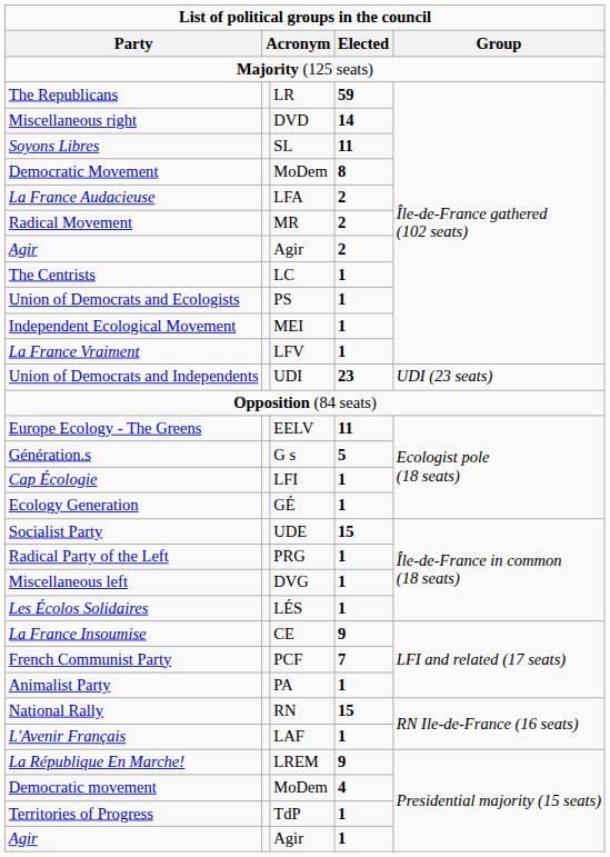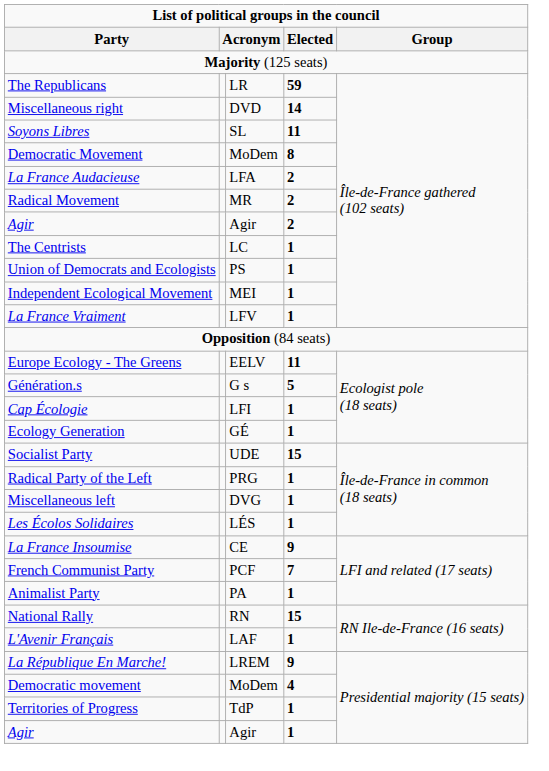 <table class="wikitable">
 <tr>
 <td colspan="5" align="center"><strong>List of political groups in the council</strong></td>
 </tr>
 <tr>
 <th>Party</th>
 <th colspan="2">Acronym</th>
 <th>Elected</th>
 <th>Group</th>
 </tr>
 <tr>
 <td colspan="5" align="center"><strong>Majority</strong> (125 seats)</td>
 </tr>
 <tr>
 <td><a href='#'>The Republicans</a></td>
 <td style="background-color: "></td>
 <td>LR</td>
 <td><strong>59</strong></td>
 <td rowspan="11"><em>Île-de-France gathered</em><br><em>(102 seats)</em></td>
 </tr>
 <tr>
 <td><a href='#'>Miscellaneous right</a></td>
 <td style="background-color: "></td>
 <td>DVD</td>
 <td><strong>14</strong></td>
 </tr>
 <tr>
 <td><em><a href='#'><span>Soyons Libres</span></a></em></td>
 <td style="background-color: "></td>
 <td>SL</td>
 <td><strong>11</strong></td>
 </tr>
 <tr>
 <td><a href='#'>Democratic Movement</a></td>
 <td style="background-color: "></td>
 <td>MoDem</td>
 <td><strong>8</strong></td>
 </tr>
 <tr>
 <td><em><a href='#'><span>La France Audacieuse</span></a></em></td>
 <td style="background-color: "></td>
 <td>LFA</td>
 <td><strong>2</strong></td>
 </tr>
 <tr>
 <td><a href='#'>Radical Movement</a></td>
 <td style="background-color: "></td>
 <td>MR</td>
 <td><strong>2</strong></td>
 </tr>
 <tr>
 <td><a href='#'><em><span>Agir</span></em></a></td>
 <td style="background-color: "></td>
 <td>Agir</td>
 <td><strong>2</strong></td>
 </tr>
 <tr>
 <td><a href='#'>The Centrists</a></td>
 <td style="background-color: "></td>
 <td>LC</td>
 <td><strong>1</strong></td>
 </tr>
 <tr>
 <td><a href='#'>Union of Democrats and Ecologists</a></td>
 <td style="background-color: "></td>
 <td>PS</td>
 <td><strong>1</strong></td>
 </tr>
 <tr>
 <td><a href='#'>Independent Ecological Movement</a></td>
 <td style="background-color: "></td>
 <td>MEI</td>
 <td><strong>1</strong></td>
 </tr>
 <tr>
 <td><em><a href='#'><span>La France Vraiment</span></a></em></td>
 <td style="background-color: "></td>
 <td>LFV</td>
 <td><strong>1</strong></td>
-</tr>
-<tr>
-<td><a href='#'>Union of Democrats and Independents</a></td>
-<td style="background-color: "></td>
-<td>UDI</td>
-<td><strong>23</strong></td>
-<td><em>UDI (23 seats)</em></td>
 </tr>
 <tr>
 <td colspan="5" align="center"><strong>Opposition</strong> (84 seats)</td>
 </tr>
 <tr>
 <td><a href='#'>Europe Ecology - The Greens</a></td>
 <td style="background-color: "></td>
 <td>EELV</td>
 <td><strong>11</strong></td>
 <td rowspan="4"><em>Ecologist pole</em><br><em>(18 seats)</em></td>
 </tr>
 <tr>
 <td><a href='#'><span>Génération.s</span></a></td>
 <td style="background-color: "></td>
 <td>G s</td>
 <td><strong>5</strong></td>
 </tr>
 <tr>
 <td><em><a href='#'><span>Cap Écologie</span></a></em></td>
 <td style="background-color: "></td>
 <td>LFI</td>
 <td><strong>1</strong></td>
 </tr>
 <tr>
 <td><a href='#'>Ecology Generation</a></td>
 <td style="background-color: "></td>
 <td>GÉ</td>
 <td><strong>1</strong></td>
 </tr>
 <tr>
 <td><a href='#'>Socialist Party</a></td>
 <td style="background-color: "></td>
 <td>UDE</td>
 <td><strong>15</strong></td>
 <td rowspan="4"><em>Île-de-France in common</em><br><em>(18 seats)</em></td>
 </tr>
 <tr>
 <td><a href='#'>Radical Party of the Left</a></td>
 <td style="background-color: "></td>
 <td>PRG</td>
 <td><strong>1</strong></td>
 </tr>
 <tr>
 <td><a href='#'>Miscellaneous left</a></td>
 <td style="background-color: "></td>
 <td>DVG</td>
 <td><strong>1</strong></td>
 </tr>
 <tr>
 <td><em><a href='#'><span>Les Écolos Solidaires</span></a></em></td>
 <td style="background-color: "></td>
 <td>LÉS</td>
 <td><strong>1</strong></td>
 </tr>
 <tr>
 <td><em><a href='#'><span>La France Insoumise</span></a></em></td>
 <td style="background-color: "></td>
 <td>CE</td>
 <td><strong>9</strong></td>
 <td rowspan="3"><em>LFI and related (17 seats)</em></td>
 </tr>
 <tr>
 <td><a href='#'>French Communist Party</a></td>
 <td style="background-color: "></td>
 <td>PCF</td>
 <td><strong>7</strong></td>
 </tr>
 <tr>
 <td><a href='#'>Animalist Party</a></td>
 <td style="background-color: "></td>
 <td>PA</td>
 <td><strong>1</strong></td>
 </tr>
 <tr>
 <td><a href='#'>National Rally</a></td>
 <td style="background-color: "></td>
 <td>RN</td>
 <td><strong>15</strong></td>
 <td rowspan="2"><em>RN Ile-de-France (16 seats)</em></td>
 </tr>
 <tr>
 <td><em><a href='#'><span>L'Avenir Français</span></a></em></td>
 <td style="background-color: "></td>
 <td>LAF</td>
 <td><strong>1</strong></td>
 </tr>
 <tr>
 <td><em><a href='#'><span>La République En Marche!</span></a></em></td>
 <td style="background-color: "></td>
 <td>LREM</td>
 <td><strong>9</strong></td>
 <td rowspan="4"><em>Presidential majority (15 seats)</em></td>
 </tr>
 <tr>
 <td><a href='#'>Democratic movement</a></td>
 <td style="background-color: "></td>
 <td>MoDem</td>
 <td><strong>4</strong></td>
 </tr>
 <tr>
 <td><a href='#'>Territories of Progress</a></td>
 <td style="background-color: "></td>
 <td>TdP</td>
 <td><strong>1</strong></td>
 </tr>
 <tr>
 <td><em><a href='#'>Agir</a></em></td>
 <td style="background-color: "></td>
 <td>Agir</td>
 <td><strong>1</strong></td>
 </tr>
 </table>
